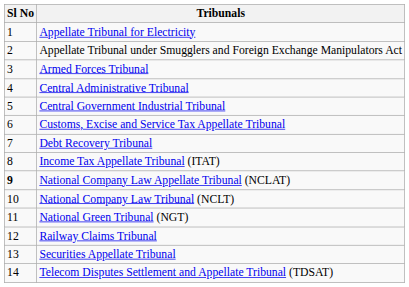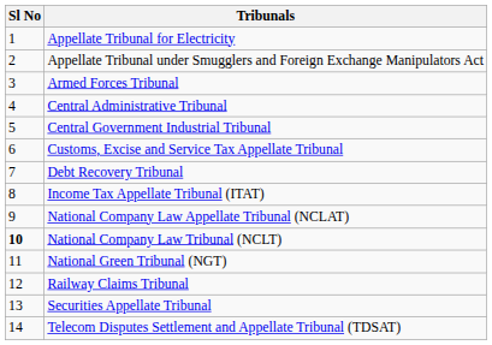 <table class="wikitable sortable">
 <tr>
 <th>Sl No</th>
 <th>Tribunals</th>
 </tr>
 <tr>
 <td>1</td>
 <td><a href='#'>Appellate Tribunal for Electricity</a></td>
 </tr>
 <tr>
 <td>2</td>
 <td>Appellate Tribunal under Smugglers and Foreign Exchange Manipulators Act</td>
 </tr>
 <tr>
 <td>3</td>
 <td><a href='#'>Armed Forces Tribunal</a></td>
 </tr>
 <tr>
 <td>4</td>
 <td><a href='#'>Central Administrative Tribunal</a></td>
 </tr>
 <tr>
 <td>5</td>
 <td><a href='#'>Central Government Industrial Tribunal</a></td>
 </tr>
 <tr>
 <td>6</td>
 <td><a href='#'>Customs, Excise and Service Tax Appellate Tribunal</a></td>
 </tr>
 <tr>
 <td>7</td>
 <td><a href='#'>Debt Recovery Tribunal</a></td>
 </tr>
 <tr>
 <td>8</td>
 <td><a href='#'>Income Tax Appellate Tribunal</a> (ITAT)</td>
 </tr>
 <tr>
-<td><strong>9</strong></td>
+<td>9</td>
 <td><a href='#'>National Company Law Appellate Tribunal</a> (NCLAT)</td>
 </tr>
 <tr>
-<td>10</td>
+<td><strong>10</strong></td>
 <td><a href='#'>National Company Law Tribunal</a> (NCLT)</td>
 </tr>
 <tr>
 <td>11</td>
 <td><a href='#'>National Green Tribunal</a> (NGT)</td>
 </tr>
 <tr>
 <td>12</td>
 <td><a href='#'>Railway Claims Tribunal</a></td>
 </tr>
 <tr>
 <td>13</td>
 <td><a href='#'>Securities Appellate Tribunal</a></td>
 </tr>
 <tr>
 <td>14</td>
 <td><a href='#'>Telecom Disputes Settlement and Appellate Tribunal</a> (TDSAT)</td>
 </tr>
 </table>
